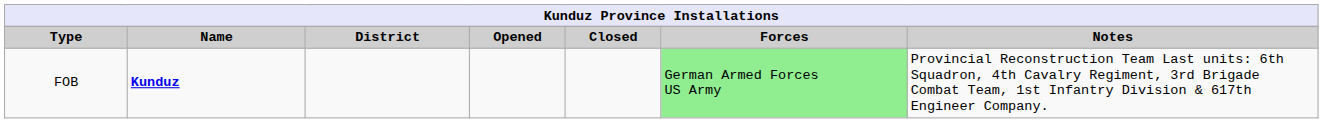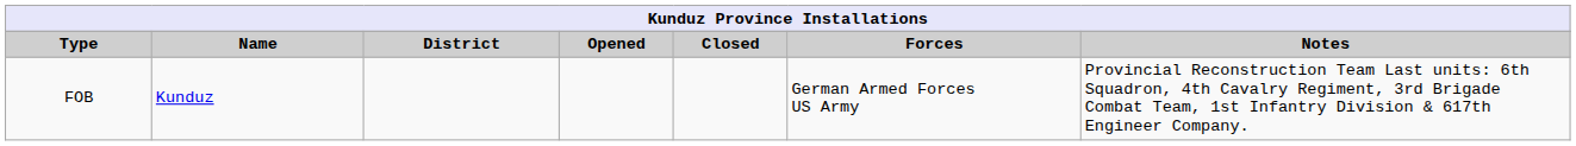 <table class="wikitable sortable" width="100%">
 <tr>
 <th style="align: center; background: lavender" colspan="7"><strong>Kunduz Province Installations</strong></th>
 </tr>
 <tr style="background:#efefef; color:black">
 </tr>
 <tr>
 <th style="background-color:#cfcfcf;" align="center" width="9%" align="center">Type</th>
 <th style="background-color:#cfcfcf;" align="center" width="13%">Name</th>
 <th style="background-color:#cfcfcf;" align="center" width="12%">District</th>
 <th style="background-color:#cfcfcf;" align="center" width="7%">Opened</th>
 <th style="background-color:#cfcfcf;" align="center" width="7%">Closed</th>
 <th style="background-color:#cfcfcf;" align="center" width="18%" class="unsortable">Forces</th>
 <th style="background-color:#cfcfcf;" align="center" width="30%" class="unsortable">Notes</th>
 </tr>
 <tr>
 <td align="center">FOB</td>
-<td><strong><a href='#'>Kunduz</a></strong></td>
+<td><a href='#'>Kunduz</a></td>
 <td align="center"></td>
 <td align="center"></td>
 <td align="center"></td>
-<td style="background: lightgreen;"> German Armed Forces<br> US Army</td>
+<td> German Armed Forces<br> US Army</td>
 <td>Provincial Reconstruction Team Last units: 6th Squadron, 4th Cavalry Regiment, 3rd Brigade Combat Team, 1st Infantry Division & 617th Engineer Company.</td>
 </tr>
 </table>
